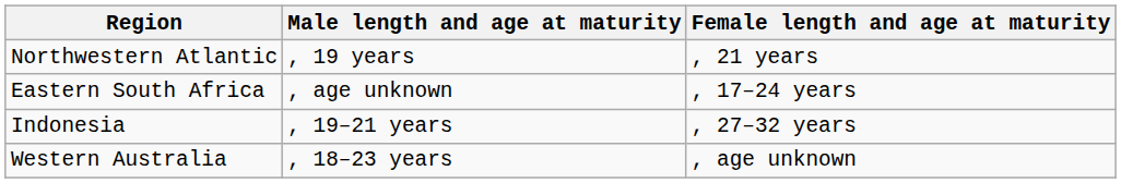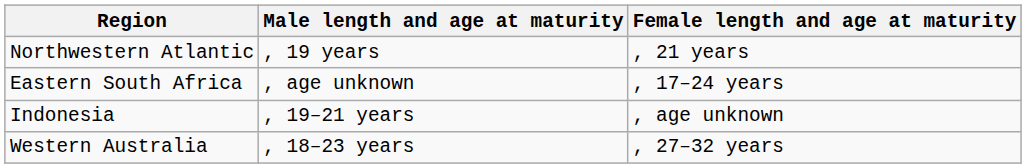 <table class="wikitable sortable" style="float: right; align: right; margin-left: 1.0em">
 <tr>
 <th>Region</th>
 <th>Male length and age at maturity</th>
 <th>Female length and age at maturity</th>
 </tr>
 <tr>
 <td>Northwestern Atlantic</td>
 <td>, 19 years</td>
 <td>, 21 years</td>
 </tr>
 <tr>
 <td>Eastern South Africa</td>
 <td>, age unknown</td>
 <td>, 17–24 years</td>
 </tr>
 <tr>
 <td>Indonesia</td>
 <td>, 19–21 years</td>
-<td>, 27–32 years</td>
+<td>, age unknown</td>
 </tr>
 <tr>
 <td>Western Australia</td>
 <td>, 18–23 years</td>
-<td>, age unknown</td>
+<td>, 27–32 years</td>
 </tr>
 </table>
